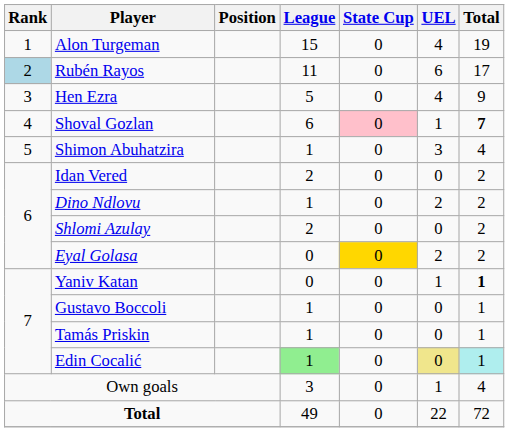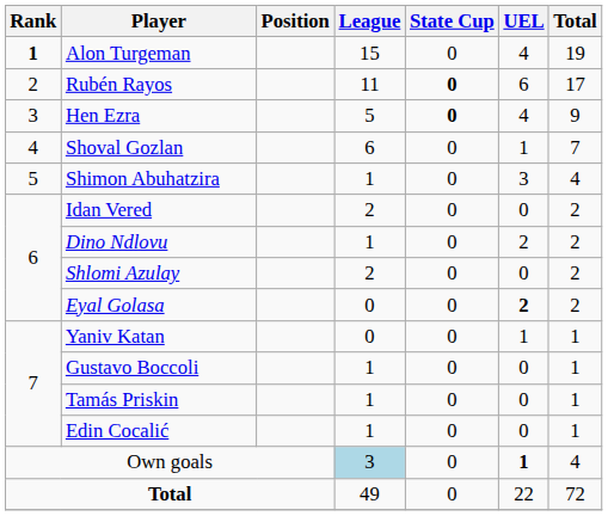 <table class="wikitable">
 <tr>
 <th>Rank</th>
 <th style="width:150px;">Player</th>
 <th>Position</th>
 <th><a href='#'>League</a></th>
 <th><a href='#'>State Cup</a></th>
 <th><a href='#'>UEL</a></th>
 <th>Total</th>
 </tr>
 <tr>
-<td align=center>1</td>
+<td align=center><strong>1</strong></td>
 <td> <a href='#'>Alon Turgeman</a></td>
 <td align=center></td>
 <td align=center>15</td>
 <td align=center>0</td>
 <td align=center>4</td>
 <td align=center>19</td>
 </tr>
 <tr>
-<td align=center style="background: lightblue;">2</td>
+<td align=center>2</td>
 <td> <a href='#'>Rubén Rayos</a></td>
 <td align=center></td>
 <td align=center>11</td>
-<td align=center>0</td>
+<td align=center><strong>0</strong></td>
 <td align=center>6</td>
 <td align=center>17</td>
 </tr>
 <tr>
 <td align=center>3</td>
 <td> <a href='#'>Hen Ezra</a></td>
 <td align=center></td>
 <td align=center>5</td>
-<td align=center>0</td>
+<td align=center><strong>0</strong></td>
 <td align=center>4</td>
 <td align=center>9</td>
 </tr>
 <tr>
 <td align=center>4</td>
 <td> <a href='#'>Shoval Gozlan</a></td>
 <td align=center></td>
 <td align=center>6</td>
-<td align=center style="background: pink;">0</td>
+<td align=center>0</td>
 <td align=center>1</td>
-<td align=center><strong>7</strong></td>
+<td align=center>7</td>
 </tr>
 <tr>
 <td align=center>5</td>
 <td> <a href='#'>Shimon Abuhatzira</a></td>
 <td align=center></td>
 <td align=center>1</td>
 <td align=center>0</td>
 <td align=center>3</td>
 <td align=center>4</td>
 </tr>
 <tr>
 <td align=center rowspan=4>6</td>
 <td> <a href='#'>Idan Vered</a></td>
 <td align=center></td>
 <td align=center>2</td>
 <td align=center>0</td>
 <td align=center>0</td>
 <td align=center>2</td>
 </tr>
 <tr>
 <td> <em><a href='#'>Dino Ndlovu</a></em></td>
 <td align=center></td>
 <td align=center>1</td>
 <td align=center>0</td>
 <td align=center>2</td>
 <td align=center>2</td>
 </tr>
 <tr>
 <td> <em><a href='#'>Shlomi Azulay</a></em></td>
 <td align=center></td>
 <td align=center>2</td>
 <td align=center>0</td>
 <td align=center>0</td>
 <td align=center>2</td>
 </tr>
 <tr>
 <td> <em><a href='#'>Eyal Golasa</a></em></td>
 <td align=center></td>
 <td align=center>0</td>
-<td align=center style="background: gold;">0</td>
-<td align=center>2</td>
+<td align=center>0</td>
+<td align=center><strong>2</strong></td>
 <td align=center>2</td>
 </tr>
 <tr>
 <td align=center rowspan=4>7</td>
 <td> <a href='#'>Yaniv Katan</a></td>
 <td align=center></td>
 <td align=center>0</td>
 <td align=center>0</td>
 <td align=center>1</td>
-<td align=center><strong>1</strong></td>
+<td align=center>1</td>
 </tr>
 <tr>
 <td> <a href='#'>Gustavo Boccoli</a></td>
 <td align=center></td>
 <td align=center>1</td>
 <td align=center>0</td>
 <td align=center>0</td>
 <td align=center>1</td>
 </tr>
 <tr>
 <td> <a href='#'>Tamás Priskin</a></td>
 <td align=center></td>
 <td align=center>1</td>
 <td align=center>0</td>
 <td align=center>0</td>
 <td align=center>1</td>
 </tr>
 <tr>
 <td> <a href='#'>Edin Cocalić</a></td>
 <td align=center></td>
-<td align=center style="background: lightgreen;">1</td>
+<td align=center>1</td>
 <td align=center>0</td>
-<td align=center style="background: khaki;">0</td>
-<td align=center style="background: paleturquoise;">1</td>
+<td align=center>0</td>
+<td align=center>1</td>
 </tr>
 <tr>
 <td align=center colspan=3>Own goals</td>
-<td align=center>3</td>
+<td align=center style="background: lightblue;">3</td>
 <td align=center>0</td>
-<td align=center>1</td>
+<td align=center><strong>1</strong></td>
 <td align=center>4</td>
 </tr>
 <tr>
 <td align=center colspan=3><strong>Total</strong></td>
 <td align=center>49</td>
 <td align=center>0</td>
 <td align=center>22</td>
 <td align=center>72</td>
 </tr>
 <tr>
 </tr>
 </table>
